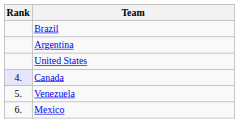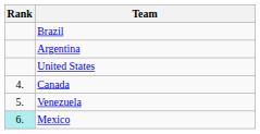 <table class="wikitable" style="font-size:95%;">
 <tr>
 <th>Rank</th>
 <th align="left" style="width: 20em">Team</th>
 </tr>
 <tr>
 <td align="center"></td>
 <td> <a href='#'>Brazil</a></td>
 </tr>
 <tr>
 <td align="center"></td>
 <td> <a href='#'>Argentina</a></td>
 </tr>
 <tr>
 <td align="center"></td>
 <td> <a href='#'>United States</a></td>
 </tr>
 <tr>
-<td rowspan=1 align="center" style="background: lavender;">4.</td>
+<td rowspan=1 align="center">4.</td>
 <td> <a href='#'>Canada</a></td>
 </tr>
 <tr>
 <td rowspan=1 align="center">5.</td>
 <td> <a href='#'>Venezuela</a></td>
 </tr>
 <tr>
-<td rowspan=1 align="center">6.</td>
+<td rowspan=1 align="center" style="background: paleturquoise;">6.</td>
 <td> <a href='#'>Mexico</a></td>
 </tr>
 </table>
